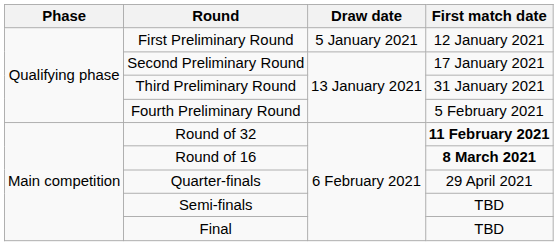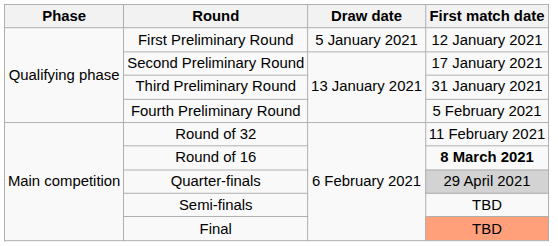 <table class="wikitable" style="text-align:center">
 <tr>
 <th>Phase</th>
 <th>Round</th>
 <th>Draw date</th>
 <th>First match date</th>
 </tr>
 <tr>
 <td rowspan=4>Qualifying phase</td>
 <td>First Preliminary Round</td>
 <td>5 January 2021</td>
 <td>12 January 2021</td>
 </tr>
 <tr>
 <td>Second Preliminary Round</td>
 <td rowspan=3>13 January 2021</td>
 <td>17 January 2021</td>
 </tr>
 <tr>
 <td>Third Preliminary Round</td>
 <td>31 January 2021</td>
 </tr>
 <tr>
 <td>Fourth Preliminary Round</td>
 <td>5 February 2021</td>
 </tr>
 <tr>
 <td rowspan=5>Main competition</td>
 <td>Round of 32</td>
 <td rowspan=5>6 February 2021</td>
-<td><strong>11 February 2021</strong></td>
+<td>11 February 2021</td>
 </tr>
 <tr>
 <td>Round of 16</td>
 <td><strong>8 March 2021</strong></td>
 </tr>
 <tr>
 <td>Quarter-finals</td>
-<td>29 April 2021</td>
+<td style="background: lightgrey;">29 April 2021</td>
 </tr>
 <tr>
 <td>Semi-finals</td>
 <td>TBD</td>
 </tr>
 <tr>
 <td>Final</td>
-<td>TBD</td>
+<td style="background: lightsalmon;">TBD</td>
 </tr>
 </table>
